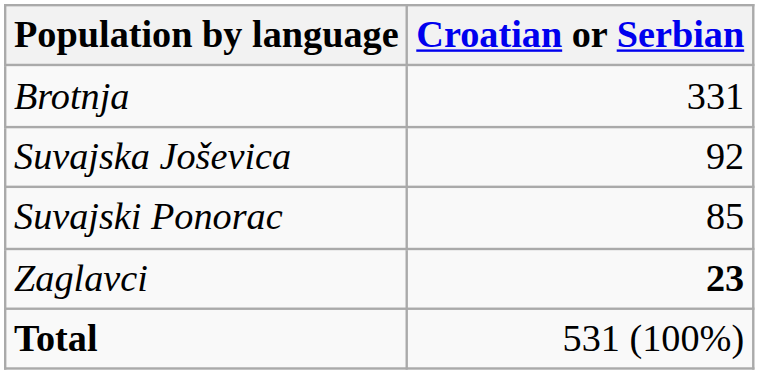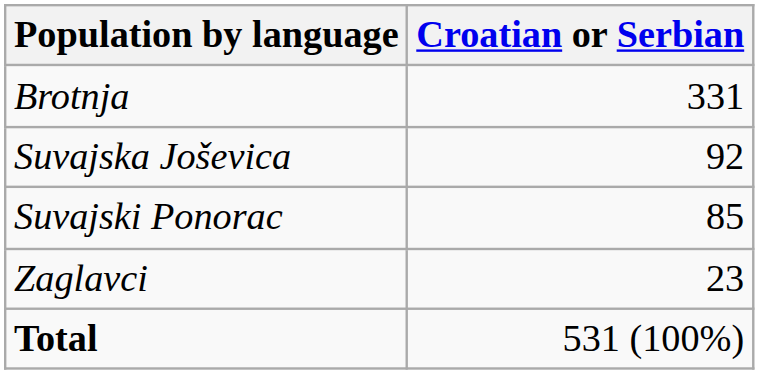 <table class="wikitable sortable">
 <tr>
 <th>Population by language</th>
 <th><a href='#'>Croatian</a> or <a href='#'>Serbian</a></th>
 </tr>
 <tr>
 <td><em>Brotnja</em></td>
 <td align="right">331</td>
 </tr>
 <tr>
 <td><em>Suvajska Joševica</em></td>
 <td align="right">92</td>
 </tr>
 <tr>
 <td><em>Suvajski Ponorac</em></td>
 <td align="right">85</td>
 </tr>
 <tr>
 <td><em>Zaglavci</em></td>
-<td align="right"><strong>23</strong></td>
+<td align="right">23</td>
 </tr>
 <tr>
 <td><strong>Total</strong></td>
 <td align="right">531 (100%)</td>
 </tr>
 </table>
